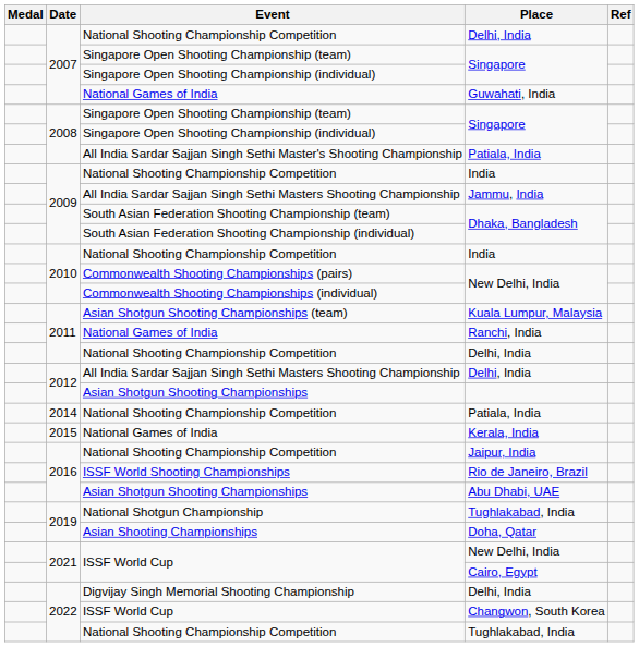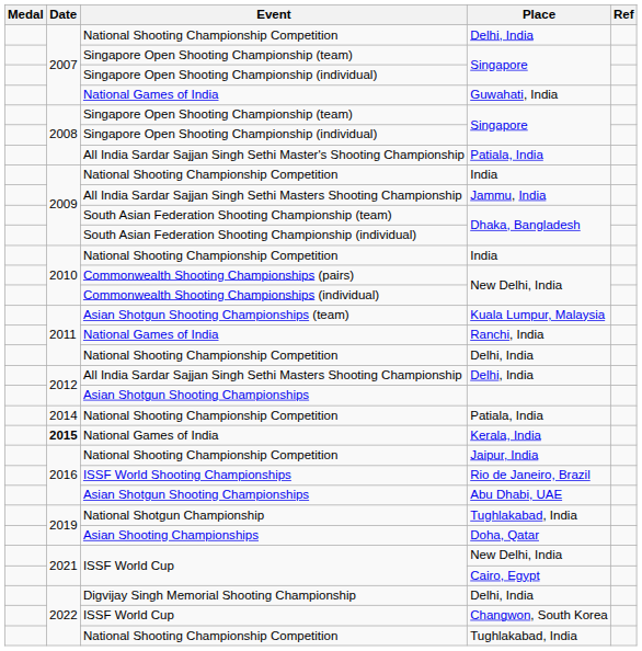 <table class="wikitable sortable">
 <tr>
 <th>Medal</th>
 <th>Date</th>
 <th>Event</th>
 <th>Place</th>
 <th class="unsortable">Ref</th>
 </tr>
 <tr>
 <td></td>
 <td rowspan="4">2007</td>
 <td>National Shooting Championship Competition</td>
 <td><a href='#'>Delhi, India</a></td>
 <td></td>
 </tr>
 <tr>
 <td></td>
 <td>Singapore Open Shooting Championship (team)</td>
 <td rowspan="2"><a href='#'>Singapore</a></td>
 <td></td>
 </tr>
 <tr>
 <td></td>
 <td>Singapore Open Shooting Championship (individual)</td>
 <td></td>
 </tr>
 <tr>
 <td></td>
 <td><a href='#'>National Games of India</a></td>
 <td><a href='#'>Guwahati</a>, India</td>
 <td></td>
 </tr>
 <tr>
 <td></td>
 <td rowspan="3">2008</td>
 <td>Singapore Open Shooting Championship (team)</td>
 <td rowspan="2"><a href='#'>Singapore</a></td>
 <td></td>
 </tr>
 <tr>
 <td></td>
 <td>Singapore Open Shooting Championship (individual)</td>
 <td></td>
 </tr>
 <tr>
 <td></td>
 <td>All India Sardar Sajjan Singh Sethi Master's Shooting Championship</td>
 <td><a href='#'>Patiala, India</a></td>
 <td></td>
 </tr>
 <tr>
 <td></td>
 <td rowspan="4">2009</td>
 <td>National Shooting Championship Competition</td>
 <td>India</td>
 <td></td>
 </tr>
 <tr>
 <td></td>
 <td>All India Sardar Sajjan Singh Sethi Masters Shooting Championship</td>
 <td><a href='#'>Jammu</a>, <a href='#'>India</a></td>
 <td></td>
 </tr>
 <tr>
 <td></td>
 <td>South Asian Federation Shooting Championship (team)</td>
 <td rowspan="2"><a href='#'>Dhaka, Bangladesh</a></td>
 <td></td>
 </tr>
 <tr>
 <td></td>
 <td>South Asian Federation Shooting Championship (individual)</td>
 <td></td>
 </tr>
 <tr>
 <td></td>
 <td rowspan="3">2010</td>
 <td>National Shooting Championship Competition</td>
 <td>India</td>
 <td></td>
 </tr>
 <tr>
 <td></td>
 <td><a href='#'>Commonwealth Shooting Championships</a> (pairs)</td>
 <td rowspan="2">New Delhi, India</td>
 <td></td>
 </tr>
 <tr>
 <td></td>
 <td><a href='#'>Commonwealth Shooting Championships</a> (individual)</td>
 <td></td>
 </tr>
 <tr>
 <td></td>
 <td rowspan="3">2011</td>
 <td><a href='#'>Asian Shotgun Shooting Championships</a> (team)</td>
 <td><a href='#'>Kuala Lumpur, Malaysia</a></td>
 <td></td>
 </tr>
 <tr>
 <td></td>
 <td><a href='#'>National Games of India</a></td>
 <td><a href='#'>Ranchi</a>, India</td>
 <td></td>
 </tr>
 <tr>
 <td></td>
 <td>National Shooting Championship Competition</td>
 <td>Delhi, India</td>
 <td></td>
 </tr>
 <tr>
 <td></td>
 <td rowspan="2">2012</td>
 <td>All India Sardar Sajjan Singh Sethi Masters Shooting Championship</td>
 <td><a href='#'>Delhi</a>, India</td>
 <td></td>
 </tr>
 <tr>
 <td></td>
 <td><a href='#'>Asian Shotgun Shooting Championships</a></td>
 <td></td>
 </tr>
 <tr>
 <td></td>
 <td>2014</td>
 <td>National Shooting Championship Competition</td>
 <td>Patiala, India</td>
 <td></td>
 </tr>
 <tr>
 <td></td>
-<td>2015</td>
+<td><strong>2015</strong></td>
 <td>National Games of India</td>
 <td><a href='#'>Kerala, India</a></td>
 <td></td>
 </tr>
 <tr>
 <td></td>
 <td rowspan="3">2016</td>
 <td>National Shooting Championship Competition</td>
 <td><a href='#'>Jaipur, India</a></td>
 <td></td>
 </tr>
 <tr>
 <td></td>
 <td><a href='#'>ISSF World Shooting Championships</a></td>
 <td><a href='#'>Rio de Janeiro, Brazil</a></td>
 <td></td>
 </tr>
 <tr>
 <td></td>
 <td><a href='#'>Asian Shotgun Shooting Championships</a></td>
 <td><a href='#'>Abu Dhabi, UAE</a></td>
 <td></td>
 </tr>
 <tr>
 <td></td>
 <td rowspan="2">2019</td>
 <td>National Shotgun Championship</td>
 <td><a href='#'>Tughlakabad</a>, India</td>
 <td></td>
 </tr>
 <tr>
 <td></td>
 <td><a href='#'>Asian Shooting Championships</a></td>
 <td><a href='#'>Doha, Qatar</a></td>
 <td></td>
 </tr>
 <tr>
 <td></td>
 <td rowspan="2">2021</td>
 <td rowspan="2">ISSF World Cup</td>
 <td>New Delhi, India</td>
 <td></td>
 </tr>
 <tr>
 <td></td>
 <td><a href='#'>Cairo, Egypt</a></td>
 <td></td>
 </tr>
 <tr>
 <td></td>
 <td rowspan="3">2022</td>
 <td>Digvijay Singh Memorial Shooting Championship</td>
 <td>Delhi, India</td>
 <td></td>
 </tr>
 <tr>
 <td></td>
 <td>ISSF World Cup</td>
 <td><a href='#'>Changwon</a>, South Korea</td>
 <td></td>
 </tr>
 <tr>
 <td></td>
 <td>National Shooting Championship Competition</td>
 <td>Tughlakabad, India</td>
 <td></td>
 </tr>
 </table>
